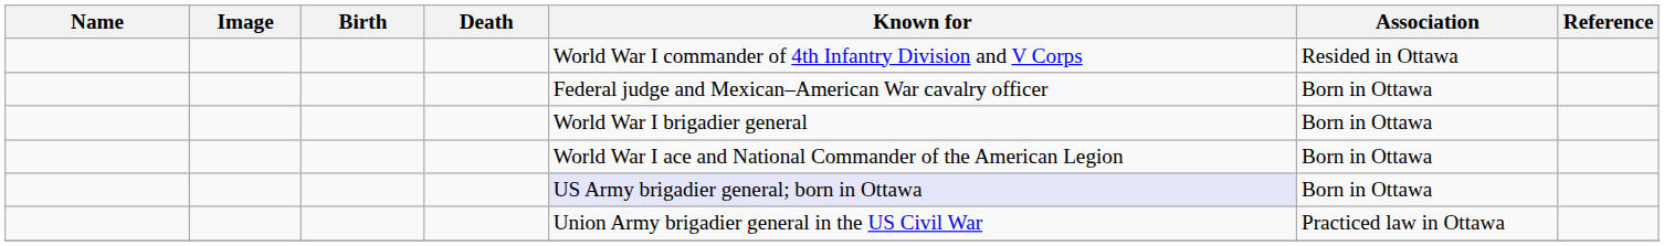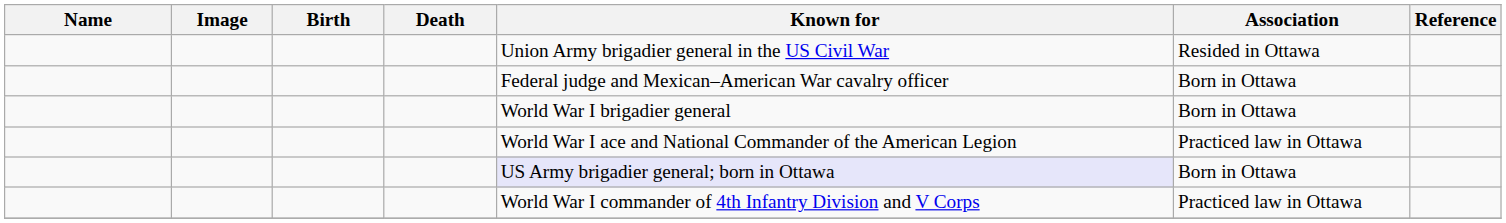 <table class="wikitable sortable">
 <tr>
 <th scope="col" width="140">Name</th>
 <th scope="col" width="80" class="unsortable">Image</th>
 <th scope="col" width="90">Birth</th>
 <th scope="col" width="90">Death</th>
 <th scope="col" width="600" class="unsortable">Known for</th>
 <th scope="col" width="200" class="unsortable">Association</th>
 <th scope="col" width="30" class="unsortable">Reference</th>
 </tr>
 <tr>
 <td></td>
 <td></td>
 <td align=right></td>
 <td align=right></td>
-<td>World War I commander of <a href='#'>4th Infantry Division</a> and <a href='#'>V Corps</a></td>
+<td>Union Army brigadier general in the <a href='#'>US Civil War</a></td>
 <td>Resided in Ottawa</td>
 <td align="center"></td>
 </tr>
 <tr>
 <td></td>
 <td></td>
 <td align=right></td>
 <td align=right></td>
 <td>Federal judge and Mexican–American War cavalry officer</td>
 <td>Born in Ottawa</td>
 <td align="center"></td>
 </tr>
 <tr>
 <td></td>
 <td></td>
 <td align=right></td>
 <td align=right></td>
 <td>World War I brigadier general</td>
 <td>Born in Ottawa</td>
 <td align="center"></td>
 </tr>
 <tr>
 <td></td>
 <td></td>
 <td align=right></td>
 <td align=right></td>
 <td>World War I ace and National Commander of the American Legion</td>
-<td>Born in Ottawa</td>
+<td>Practiced law in Ottawa</td>
 <td align="center"></td>
 </tr>
 <tr>
 <td></td>
 <td></td>
 <td align=right></td>
 <td align=right></td>
 <td style="background: lavender;">US Army brigadier general; born in Ottawa</td>
 <td>Born in Ottawa</td>
 <td align="center"></td>
 </tr>
 <tr>
 <td></td>
 <td></td>
 <td align=right></td>
 <td align=right></td>
-<td>Union Army brigadier general in the <a href='#'>US Civil War</a></td>
+<td>World War I commander of <a href='#'>4th Infantry Division</a> and <a href='#'>V Corps</a></td>
 <td>Practiced law in Ottawa</td>
 <td align="center"></td>
 </tr>
 <tr>
 </tr>
 </table>
